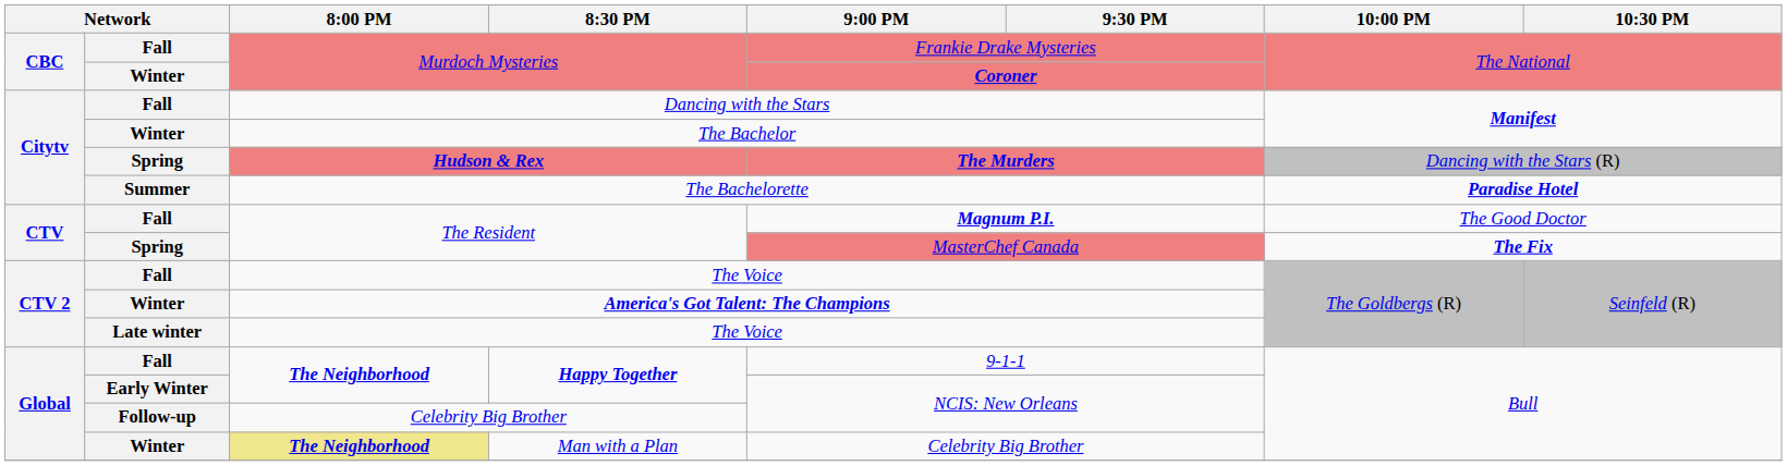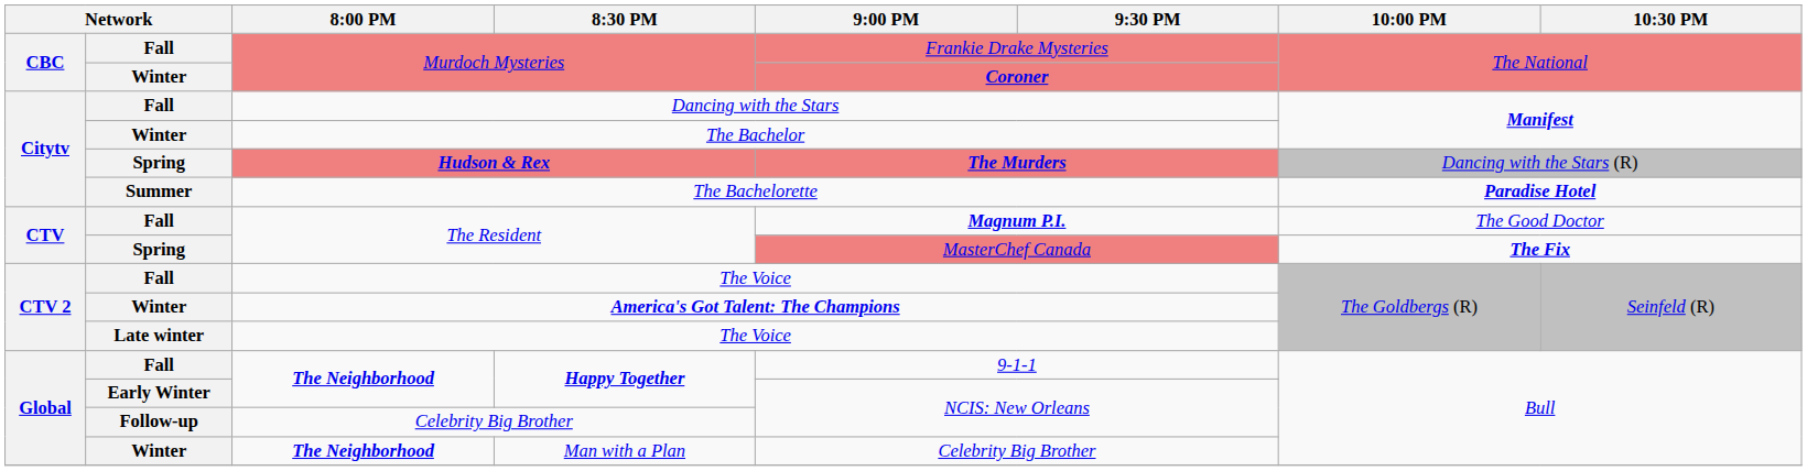 <table class="wikitable" style="width:100%;margin-right:0;text-align:center">
 <tr>
 <th colspan="2" style="width:10%;">Network</th>
 <th style="width:11.5%;">8:00 PM</th>
 <th style="width:11.5%;">8:30 PM</th>
 <th style="width:11.5%;">9:00 PM</th>
 <th style="width:11.5%;">9:30 PM</th>
 <th style="width:11.5%;">10:00 PM</th>
 <th style="width:11.5%;">10:30 PM</th>
 </tr>
 <tr>
 <th rowspan="2"><a href='#'>CBC</a></th>
 <th>Fall</th>
 <td rowspan="2" colspan="2" style="background:#f08080;"><em><a href='#'>Murdoch Mysteries</a></em></td>
 <td colspan="2" style="background:#f08080;"><em><a href='#'>Frankie Drake Mysteries</a></em></td>
 <td rowspan="2" colspan="2" style="background:#f08080;"><em><a href='#'>The National</a></em></td>
 </tr>
 <tr>
 <th>Winter</th>
 <td colspan="2" style="background:#f08080;"><strong><em><a href='#'>Coroner</a></em></strong></td>
 </tr>
 <tr>
 <th rowspan=4><a href='#'>Citytv</a></th>
 <th>Fall</th>
 <td colspan=4><em><a href='#'>Dancing with the Stars</a></em></td>
 <td colspan=2 rowspan=2><strong><em><a href='#'>Manifest</a></em></strong></td>
 </tr>
 <tr>
 <th>Winter</th>
 <td colspan=4><em><a href='#'>The Bachelor</a></em></td>
 </tr>
 <tr>
 <th>Spring</th>
 <td colspan=2 style="background:#f08080;"><strong><em><a href='#'>Hudson & Rex</a></em></strong></td>
 <td colspan=2 style="background:#f08080;"><strong><em><a href='#'>The Murders</a></em></strong></td>
 <td colspan=2 style="background:silver;"><em><a href='#'>Dancing with the Stars</a></em> (R)</td>
 </tr>
 <tr>
 <th>Summer</th>
 <td colspan=4><em><a href='#'>The Bachelorette</a></em></td>
 <td colspan=2><strong><em><a href='#'>Paradise Hotel</a></em></strong></td>
 </tr>
 <tr>
 <th rowspan="2"><a href='#'>CTV</a></th>
 <th>Fall</th>
 <td rowspan="2" colspan="2"><em><a href='#'>The Resident</a></em></td>
 <td colspan="2"><strong><em><a href='#'>Magnum P.I.</a></em></strong></td>
 <td colspan="2"><em><a href='#'>The Good Doctor</a></em></td>
 </tr>
 <tr>
 <th>Spring</th>
 <td colspan="2" style="background:#f08080;"><em><a href='#'>MasterChef Canada</a></em></td>
 <td colspan="2"><strong><em><a href='#'>The Fix</a></em></strong></td>
 </tr>
 <tr>
 <th rowspan="3"><a href='#'>CTV 2</a></th>
 <th>Fall</th>
 <td colspan="4"><em><a href='#'>The Voice</a></em></td>
 <td rowspan="3" style="background:silver;"><em><a href='#'>The Goldbergs</a></em> (R)</td>
 <td rowspan="3" style="background:silver;"><em><a href='#'>Seinfeld</a></em> (R)</td>
 </tr>
 <tr>
 <th>Winter</th>
 <td colspan="4"><strong><em><a href='#'>America's Got Talent: The Champions</a></em></strong></td>
 </tr>
 <tr>
 <th>Late winter</th>
 <td colspan="4"><em><a href='#'>The Voice</a></em></td>
 </tr>
 <tr>
 <th colspan="1" rowspan="4"><a href='#'>Global</a></th>
 <th>Fall</th>
 <td rowspan="2"><strong><em><a href='#'>The Neighborhood</a></em></strong></td>
 <td rowspan="2"><strong><em><a href='#'>Happy Together</a></em></strong></td>
 <td colspan="2"><em><a href='#'>9-1-1</a></em></td>
 <td colspan="2" rowspan="4"><em><a href='#'>Bull</a></em></td>
 </tr>
 <tr>
 <th>Early Winter</th>
 <td colspan="2"rowspan="2"><em><a href='#'>NCIS: New Orleans</a></em></td>
 </tr>
 <tr>
 <th>Follow-up</th>
 <td colspan="2"><em><a href='#'>Celebrity Big Brother</a></em></td>
 </tr>
 <tr>
 <th>Winter</th>
-<td style="background: khaki;"><strong><em><a href='#'>The Neighborhood</a></em></strong></td>
+<td><strong><em><a href='#'>The Neighborhood</a></em></strong></td>
 <td><em><a href='#'>Man with a Plan</a></em></td>
 <td colspan="2"><em><a href='#'>Celebrity Big Brother</a></em></td>
 </tr>
 <tr>
 </tr>
 </table>
